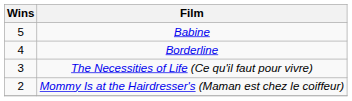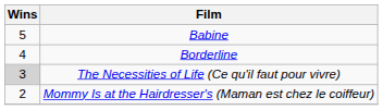 <table class="wikitable" style="text-align:center;">
 <tr>
 <th scope="col" width="17">Wins</th>
 <th scope="col" align="center">Film</th>
 </tr>
 <tr>
 <td rowspan="1" style="text-align:center;">5</td>
 <td><em><a href='#'>Babine</a></em></td>
 </tr>
 <tr>
 <td rowspan="1" style="text-align:center;">4</td>
 <td><em><a href='#'>Borderline</a></em></td>
 </tr>
 <tr>
-<td rowspan="1" style="text-align:center;">3</td>
+<td rowspan="1" style="background: lightgrey; text-align:center;">3</td>
 <td><em><a href='#'>The Necessities of Life</a> (Ce qu'il faut pour vivre)</em></td>
 </tr>
 <tr>
 <td rowspan="1" style="text-align:center;">2</td>
 <td><em><a href='#'>Mommy Is at the Hairdresser's</a> (Maman est chez le coiffeur)</em></td>
 </tr>
 <tr>
 </tr>
 </table>
